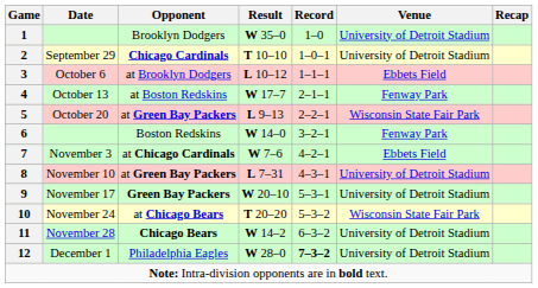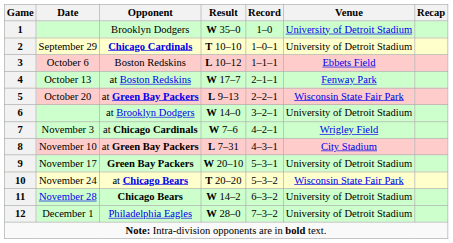 <table class="wikitable" style="text-align:center">
 <tr>
 <th>Game</th>
 <th>Date</th>
 <th>Opponent</th>
 <th>Result</th>
 <th>Record</th>
 <th>Venue</th>
 <th>Recap</th>
 </tr>
 <tr style="background:#cfc">
 <th>1</th>
 <td></td>
 <td>Brooklyn Dodgers</td>
 <td><strong>W</strong> 35–0</td>
 <td>1–0</td>
 <td><a href='#'>University of Detroit Stadium</a></td>
 <td></td>
 </tr>
 <tr style="background:#ffc">
 <th>2</th>
 <td>September 29</td>
 <td><strong><a href='#'>Chicago Cardinals</a></strong></td>
 <td><strong>T</strong> 10–10</td>
 <td>1–0–1</td>
 <td>University of Detroit Stadium</td>
 <td></td>
 </tr>
 <tr style="background:#fcc">
 <th>3</th>
 <td>October 6</td>
-<td>at <a href='#'>Brooklyn Dodgers</a></td>
+<td>Boston Redskins</td>
 <td><strong>L</strong> 10–12</td>
 <td>1–1–1</td>
 <td><a href='#'>Ebbets Field</a></td>
 <td></td>
 </tr>
 <tr style="background:#cfc">
 <th>4</th>
 <td>October 13</td>
 <td>at <a href='#'>Boston Redskins</a></td>
 <td><strong>W</strong> 17–7</td>
 <td>2–1–1</td>
 <td><a href='#'>Fenway Park</a></td>
 <td></td>
 </tr>
 <tr style="background:#fcc">
 <th>5</th>
 <td>October 20</td>
 <td>at <strong><a href='#'>Green Bay Packers</a></strong></td>
 <td><strong>L</strong> 9–13</td>
 <td>2–2–1</td>
 <td><a href='#'>Wisconsin State Fair Park</a></td>
 <td></td>
 </tr>
 <tr style="background:#cfc">
 <th>6</th>
 <td></td>
-<td>Boston Redskins</td>
+<td>at <a href='#'>Brooklyn Dodgers</a></td>
 <td><strong>W</strong> 14–0</td>
 <td>3–2–1</td>
-<td><a href='#'>Fenway Park</a></td>
+<td>University of Detroit Stadium</td>
 <td></td>
 </tr>
 <tr style="background:#cfc">
 <th>7</th>
 <td>November 3</td>
 <td>at <strong>Chicago Cardinals</strong></td>
 <td><strong>W</strong> 7–6</td>
 <td>4–2–1</td>
-<td><a href='#'>Ebbets Field</a></td>
+<td><a href='#'>Wrigley Field</a></td>
 <td></td>
 </tr>
 <tr style="background:#fcc">
 <th>8</th>
 <td>November 10</td>
 <td>at <strong>Green Bay Packers</strong></td>
 <td><strong>L</strong> 7–31</td>
 <td>4–3–1</td>
-<td><a href='#'>University of Detroit Stadium</a></td>
+<td><a href='#'>City Stadium</a></td>
 <td></td>
 </tr>
 <tr style="background:#cfc">
 <th>9</th>
 <td>November 17</td>
 <td><strong>Green Bay Packers</strong></td>
 <td><strong>W</strong> 20–10</td>
 <td>5–3–1</td>
 <td>University of Detroit Stadium</td>
 <td></td>
 </tr>
 <tr style="background:#ffc">
 <th>10</th>
 <td>November 24</td>
 <td>at <strong><a href='#'>Chicago Bears</a></strong></td>
 <td><strong>T</strong> 20–20</td>
 <td>5–3–2</td>
 <td><a href='#'>Wisconsin State Fair Park</a></td>
 <td></td>
 </tr>
 <tr style="background:#cfc">
 <th>11</th>
 <td><a href='#'>November 28</a></td>
 <td><strong>Chicago Bears</strong></td>
 <td><strong>W</strong> 14–2</td>
 <td>6–3–2</td>
 <td>University of Detroit Stadium</td>
 <td></td>
 </tr>
 <tr style="background:#cfc">
 <th>12</th>
 <td>December 1</td>
 <td><a href='#'>Philadelphia Eagles</a></td>
 <td><strong>W</strong> 28–0</td>
-<td><strong>7–3–2</strong></td>
+<td>7–3–2</td>
 <td>University of Detroit Stadium</td>
 <td></td>
 </tr>
 <tr>
 <td colspan="8"><strong>Note:</strong> Intra-division opponents are in <strong>bold</strong> text.</td>
 </tr>
 </table>
